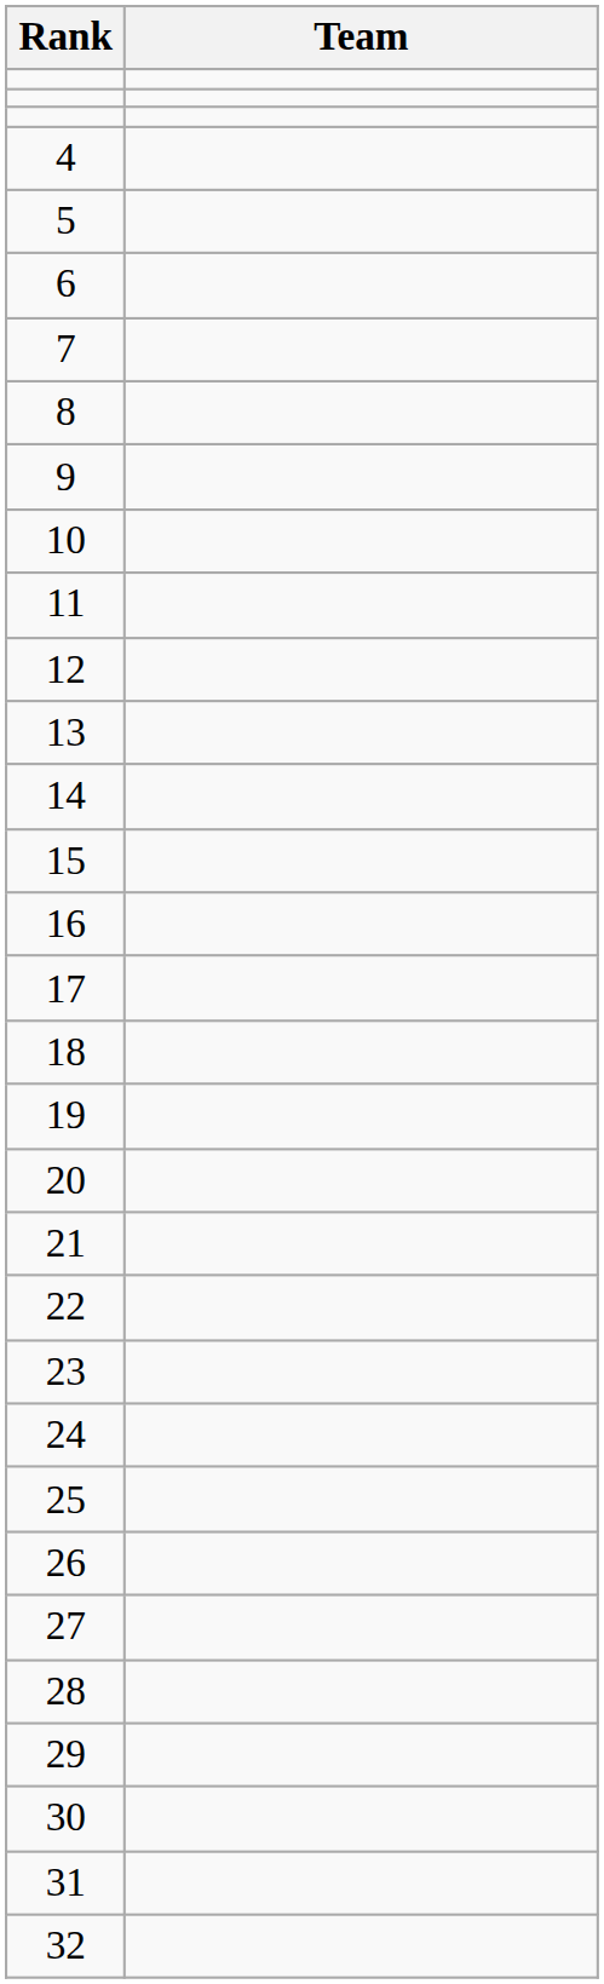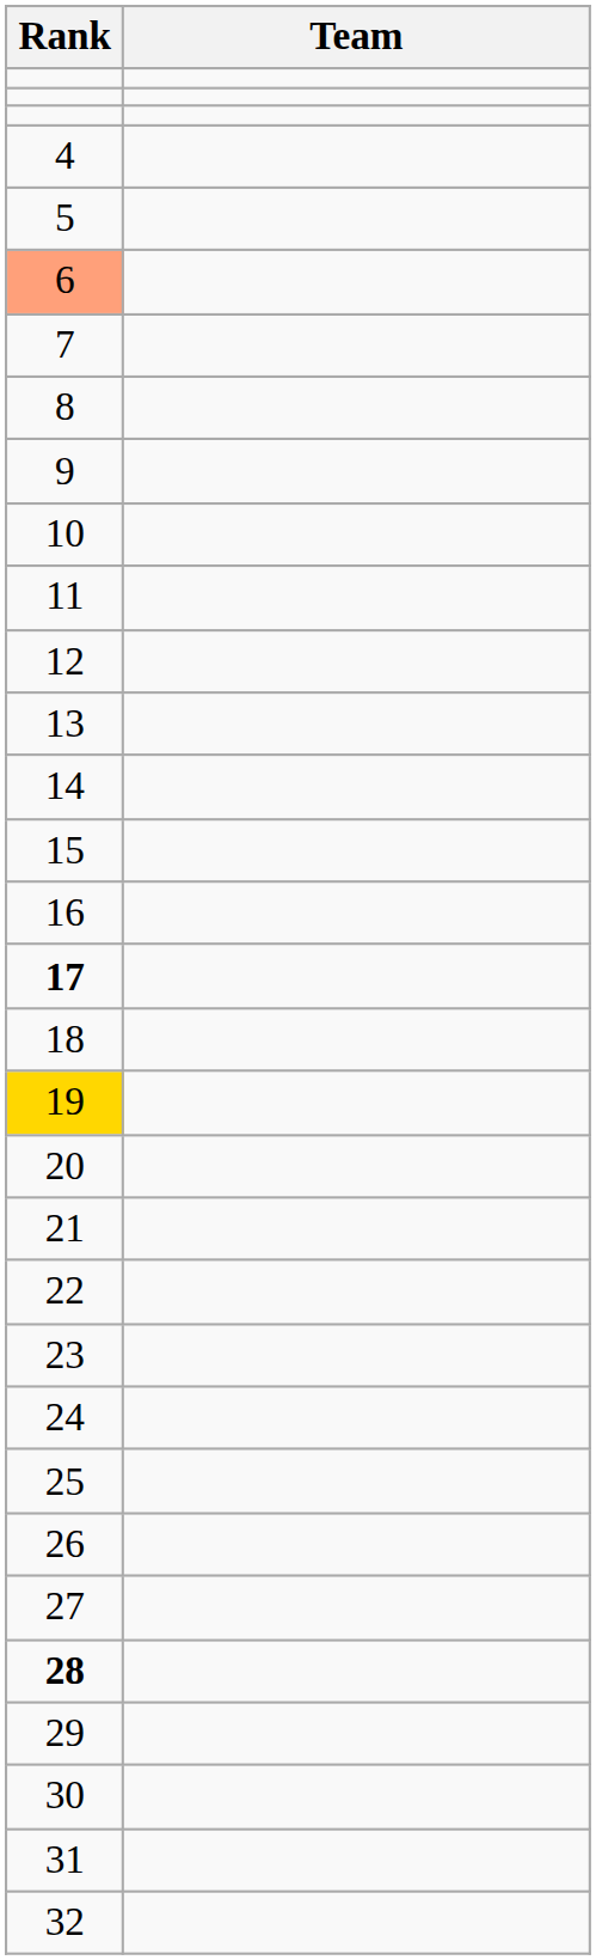 <table class="wikitable">
 <tr>
 <th width=40>Rank</th>
 <th width=180>Team</th>
 </tr>
 <tr>
 <td align=center></td>
 <td></td>
 </tr>
 <tr>
 <td align=center></td>
 <td></td>
 </tr>
 <tr>
 <td align=center></td>
 <td></td>
 </tr>
 <tr>
 <td align=center>4</td>
 <td></td>
 </tr>
 <tr>
 <td align=center>5</td>
 <td></td>
 </tr>
 <tr>
-<td align=center>6</td>
+<td align=center style="background: lightsalmon;">6</td>
 <td></td>
 </tr>
 <tr>
 <td align=center>7</td>
 <td></td>
 </tr>
 <tr>
 <td align=center>8</td>
 <td></td>
 </tr>
 <tr>
 <td align=center>9</td>
 <td></td>
 </tr>
 <tr>
 <td align=center>10</td>
 <td></td>
 </tr>
 <tr>
 <td align=center>11</td>
 <td></td>
 </tr>
 <tr>
 <td align=center>12</td>
 <td></td>
 </tr>
 <tr>
 <td align=center>13</td>
 <td></td>
 </tr>
 <tr>
 <td align=center>14</td>
 <td></td>
 </tr>
 <tr>
 <td align=center>15</td>
 <td></td>
 </tr>
 <tr>
 <td align=center>16</td>
 <td></td>
 </tr>
 <tr>
-<td align=center>17</td>
+<td align=center><strong>17</strong></td>
 <td></td>
 </tr>
 <tr>
 <td align=center>18</td>
 <td></td>
 </tr>
 <tr>
-<td align=center>19</td>
+<td align=center style="background: gold;">19</td>
 <td></td>
 </tr>
 <tr>
 <td align=center>20</td>
 <td></td>
 </tr>
 <tr>
 <td align=center>21</td>
 <td></td>
 </tr>
 <tr>
 <td align=center>22</td>
 <td></td>
 </tr>
 <tr>
 <td align=center>23</td>
 <td></td>
 </tr>
 <tr>
 <td align=center>24</td>
 <td></td>
 </tr>
 <tr>
 <td align=center>25</td>
 <td></td>
 </tr>
 <tr>
 <td align=center>26</td>
 <td></td>
 </tr>
 <tr>
 <td align=center>27</td>
 <td></td>
 </tr>
 <tr>
-<td align=center>28</td>
+<td align=center><strong>28</strong></td>
 <td></td>
 </tr>
 <tr>
 <td align=center>29</td>
 <td></td>
 </tr>
 <tr>
 <td align=center>30</td>
 <td></td>
 </tr>
 <tr>
 <td align=center>31</td>
 <td></td>
 </tr>
 <tr>
 <td align=center>32</td>
 <td></td>
 </tr>
 </table>
